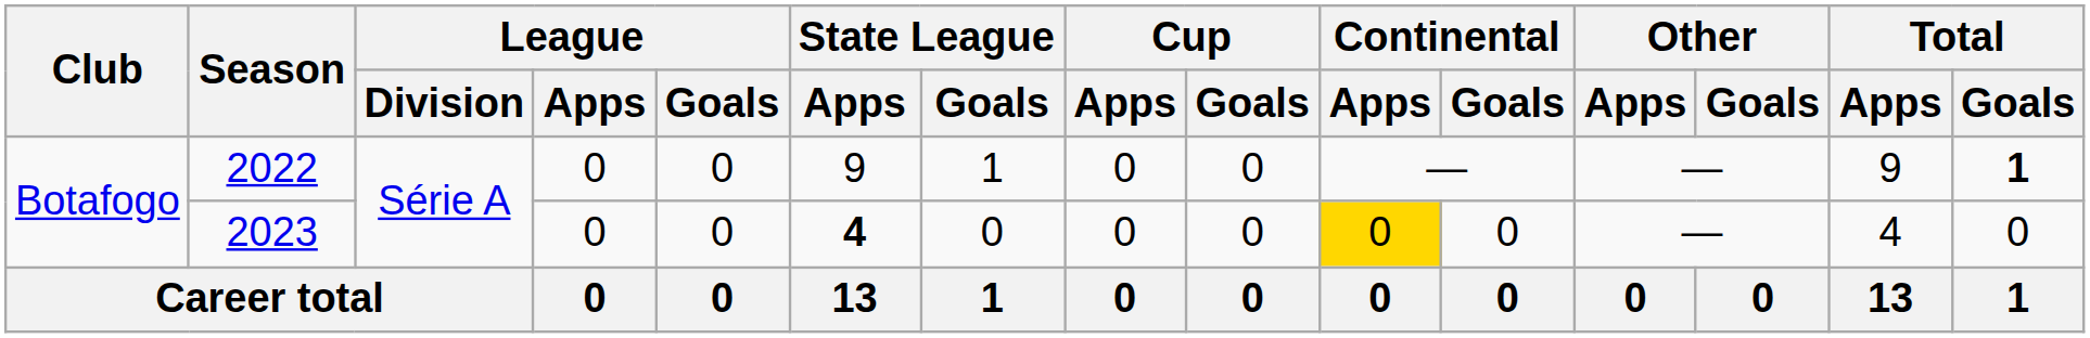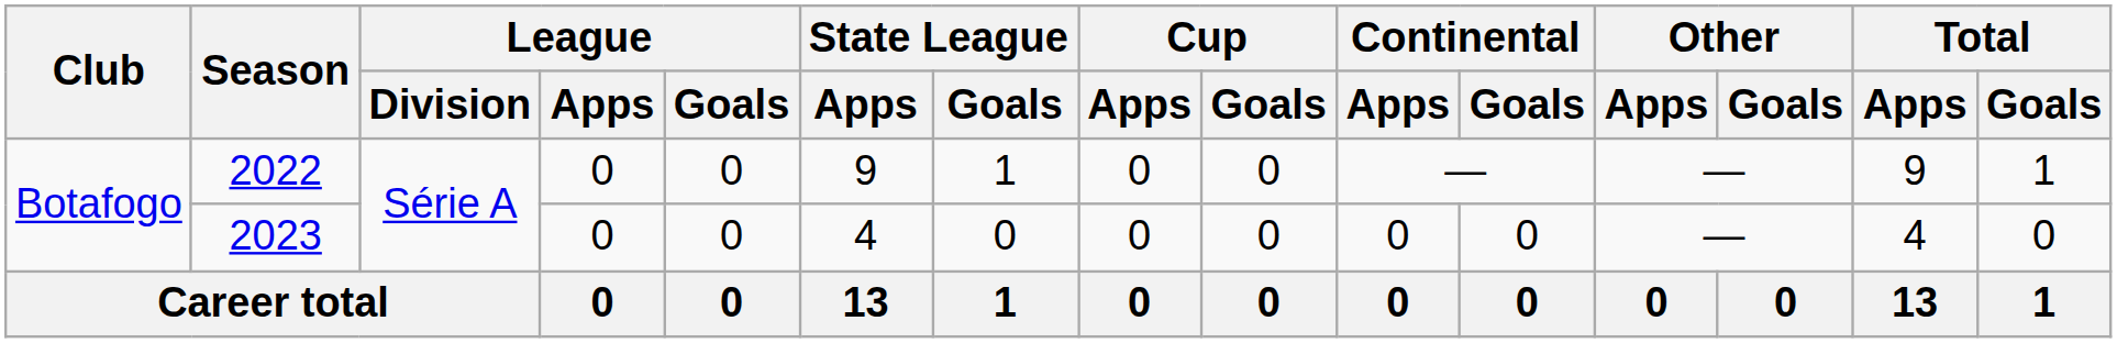 <table class="wikitable" style="text-align: center">
 <tr>
 <th rowspan="2">Club</th>
 <th rowspan="2">Season</th>
 <th colspan="3">League</th>
 <th colspan="2">State League</th>
 <th colspan="2">Cup</th>
 <th colspan="2">Continental</th>
 <th colspan="2">Other</th>
 <th colspan="2">Total</th>
 </tr>
 <tr>
 <th>Division</th>
 <th>Apps</th>
 <th>Goals</th>
 <th>Apps</th>
 <th>Goals</th>
 <th>Apps</th>
 <th>Goals</th>
 <th>Apps</th>
 <th>Goals</th>
 <th>Apps</th>
 <th>Goals</th>
 <th>Apps</th>
 <th>Goals</th>
 </tr>
 <tr>
 <td rowspan="2"><a href='#'>Botafogo</a></td>
 <td><a href='#'>2022</a></td>
 <td rowspan="2"><a href='#'>Série A</a></td>
 <td>0</td>
 <td>0</td>
 <td>9</td>
 <td>1</td>
 <td>0</td>
 <td>0</td>
 <td colspan="2">—</td>
 <td colspan="2">—</td>
 <td>9</td>
-<td><strong>1</strong></td>
+<td>1</td>
 </tr>
 <tr>
 <td><a href='#'>2023</a></td>
 <td>0</td>
 <td>0</td>
-<td><strong>4</strong></td>
+<td>4</td>
 <td>0</td>
 <td>0</td>
 <td>0</td>
-<td style="background: gold;">0</td>
+<td>0</td>
 <td>0</td>
 <td colspan="2">—</td>
 <td>4</td>
 <td>0</td>
 </tr>
 <tr>
 <th colspan="3"><strong>Career total</strong></th>
 <th>0</th>
 <th>0</th>
 <th>13</th>
 <th>1</th>
 <th>0</th>
 <th>0</th>
 <th>0</th>
 <th>0</th>
 <th>0</th>
 <th>0</th>
 <th>13</th>
 <th>1</th>
 </tr>
 </table>
